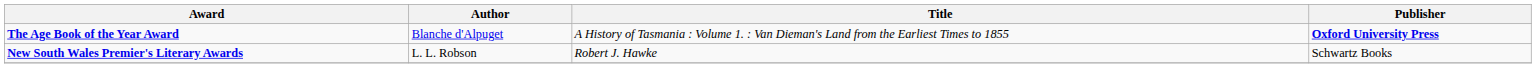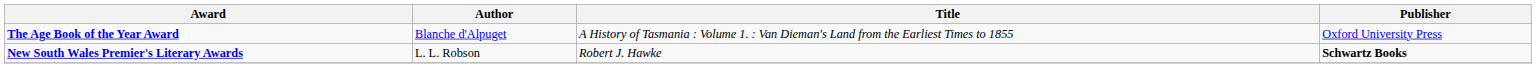 <table class="wikitable" width=100%>
 <tr>
 <th>Award</th>
 <th>Author</th>
 <th>Title</th>
 <th>Publisher</th>
 </tr>
 <tr>
 <td><strong><a href='#'>The Age Book of the Year Award</a></strong></td>
 <td><a href='#'>Blanche d'Alpuget</a></td>
 <td><em>A History of Tasmania : Volume 1. : Van Dieman's Land from the Earliest Times to 1855</em></td>
-<td><strong><a href='#'>Oxford University Press</a></strong></td>
+<td><a href='#'>Oxford University Press</a></td>
 </tr>
 <tr>
 <td><strong><a href='#'>New South Wales Premier's Literary Awards</a></strong></td>
 <td>L. L. Robson</td>
 <td><em>Robert J. Hawke</em></td>
-<td>Schwartz Books</td>
+<td><strong>Schwartz Books</strong></td>
 </tr>
 <tr>
 </tr>
 </table>
